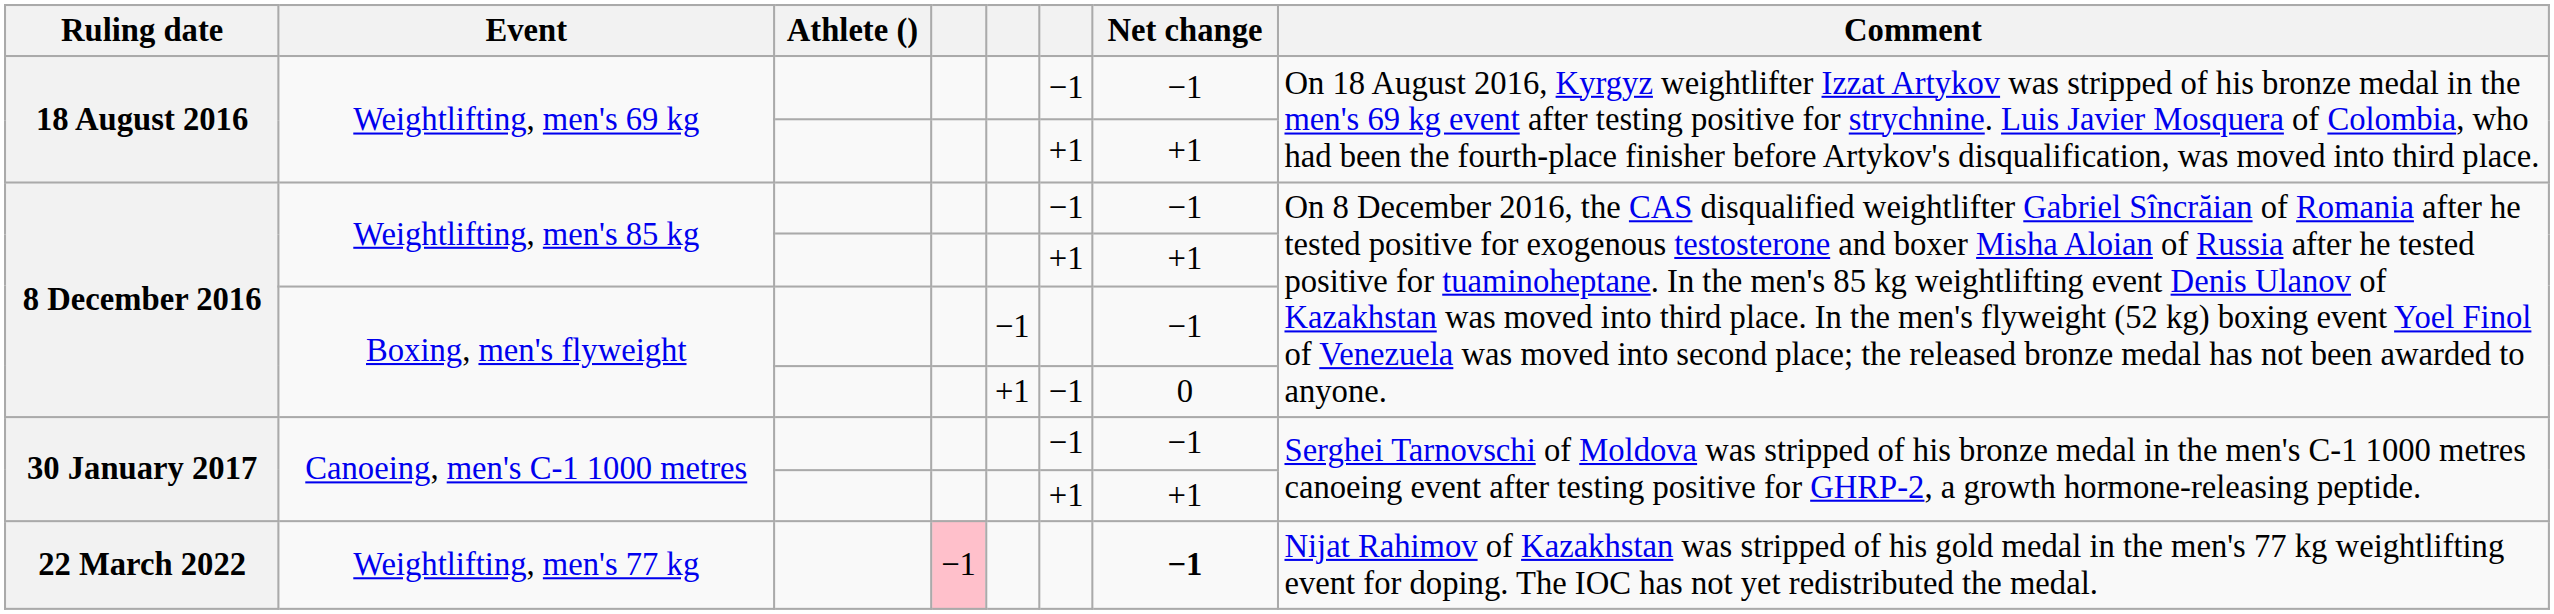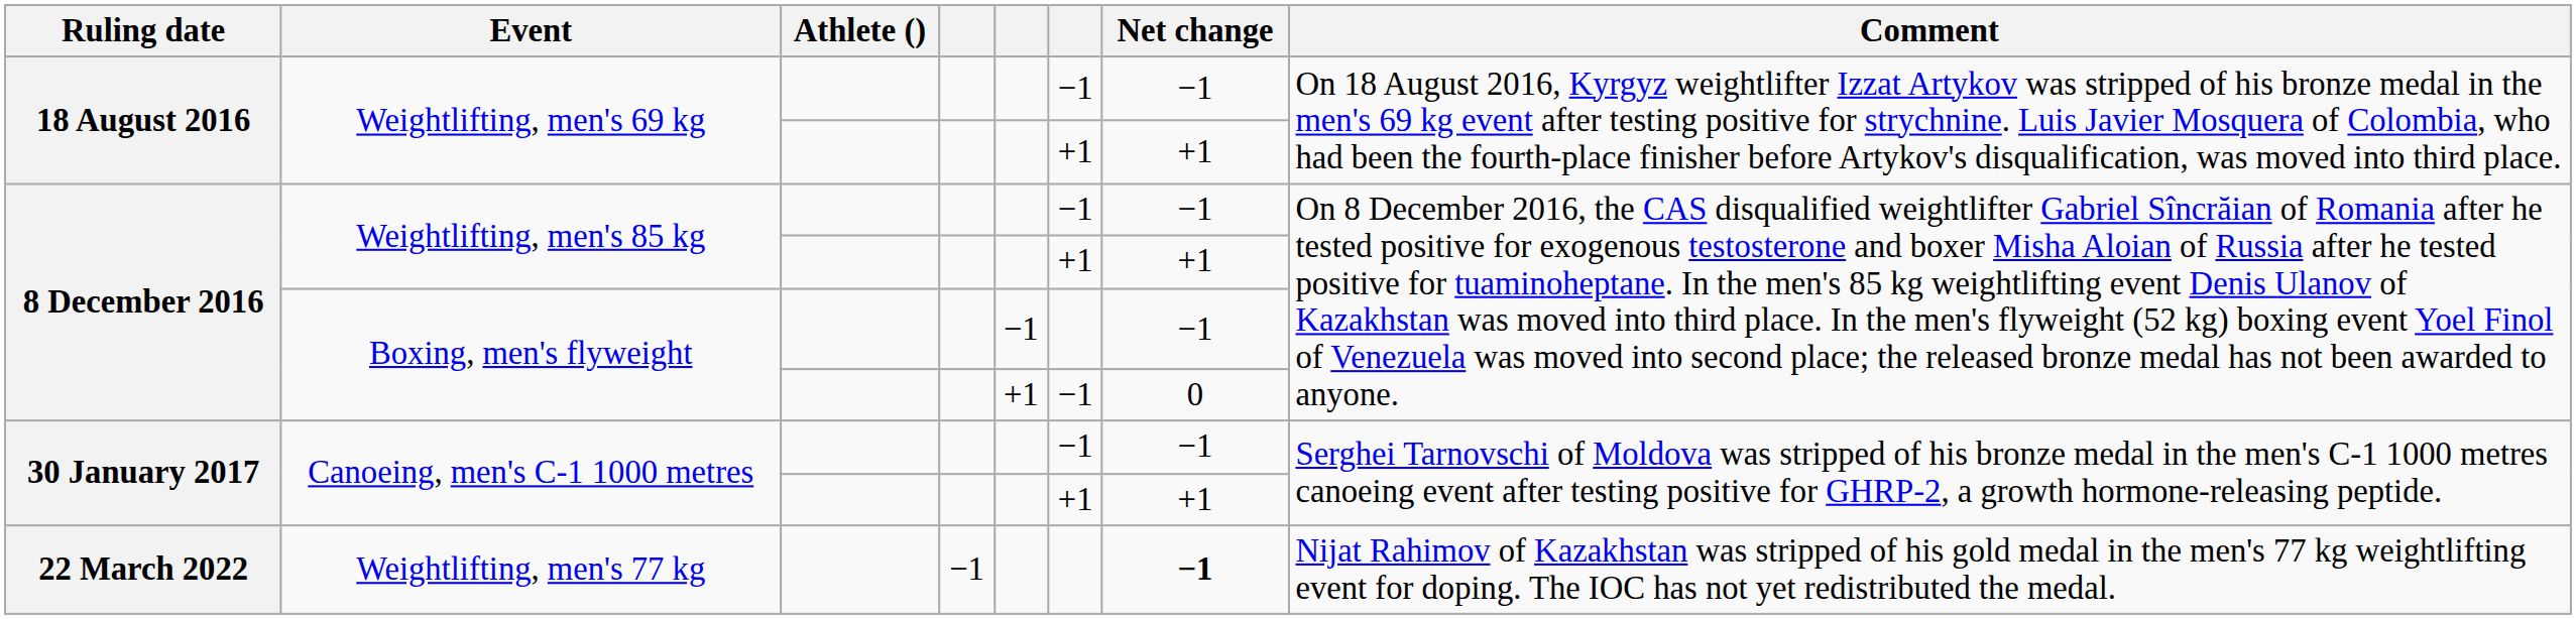 <table class="wikitable" style="text-align:center;">
 <tr>
 <th scope="col">Ruling date</th>
 <th scope="col">Event</th>
 <th scope="col">Athlete ()</th>
 <th scope="col"></th>
 <th scope="col"></th>
 <th scope="col"></th>
 <th scope="col">Net change</th>
 <th scope="col" style="width:50%">Comment</th>
 </tr>
 <tr>
 <th scope="rowgroup" rowspan="2">18 August 2016</th>
 <td rowspan="2"><a href='#'>Weightlifting</a>, <a href='#'>men's 69 kg</a></td>
 <td align=left> </td>
 <td></td>
 <td></td>
 <td>−1</td>
 <td>−1</td>
 <td rowspan=2 style="text-align:left;">On 18 August 2016, <a href='#'>Kyrgyz</a> weightlifter <a href='#'>Izzat Artykov</a> was stripped of his bronze medal in the <a href='#'>men's 69 kg event</a> after testing positive for <a href='#'>strychnine</a>. <a href='#'>Luis Javier Mosquera</a> of <a href='#'>Colombia</a>, who had been the fourth-place finisher before Artykov's disqualification, was moved into third place.</td>
 </tr>
 <tr>
 <td align=left></td>
 <td></td>
 <td></td>
 <td>+1</td>
 <td>+1</td>
 </tr>
 <tr>
 <th scope="rowgroup" rowspan="4">8 December 2016</th>
 <td rowspan="2"><a href='#'>Weightlifting</a>, <a href='#'>men's 85 kg</a></td>
 <td align=left> </td>
 <td></td>
 <td></td>
 <td>−1</td>
 <td>−1</td>
 <td rowspan="4" style="text-align:left;">On 8 December 2016, the <a href='#'>CAS</a> disqualified weightlifter <a href='#'>Gabriel Sîncrăian</a> of <a href='#'>Romania</a> after he tested positive for exogenous <a href='#'>testosterone</a> and boxer <a href='#'>Misha Aloian</a> of <a href='#'>Russia</a> after he tested positive for <a href='#'>tuaminoheptane</a>. In the men's 85 kg weightlifting event <a href='#'>Denis Ulanov</a> of <a href='#'>Kazakhstan</a> was moved into third place. In the men's flyweight (52 kg) boxing event <a href='#'>Yoel Finol</a> of <a href='#'>Venezuela</a> was moved into second place; the released bronze medal has not been awarded to anyone.</td>
 </tr>
 <tr>
 <td align=left></td>
 <td></td>
 <td></td>
 <td>+1</td>
 <td>+1</td>
 </tr>
 <tr>
 <td rowspan="2"><a href='#'>Boxing</a>, <a href='#'>men's flyweight</a></td>
 <td align=left> </td>
 <td></td>
 <td>−1</td>
 <td></td>
 <td>−1</td>
 </tr>
 <tr>
 <td align=left></td>
 <td></td>
 <td>+1</td>
 <td>−1</td>
 <td>0</td>
 </tr>
 <tr>
 <th scope="rowgroup" rowspan="2">30 January 2017</th>
 <td rowspan="2"><a href='#'>Canoeing</a>, <a href='#'>men's C-1 1000 metres</a></td>
 <td align=left> </td>
 <td></td>
 <td></td>
 <td>−1</td>
 <td>−1</td>
 <td rowspan="2" style="text-align:left;"><a href='#'>Serghei Tarnovschi</a> of <a href='#'>Moldova</a> was stripped of his bronze medal in the men's C-1 1000 metres canoeing event after testing positive for <a href='#'>GHRP-2</a>, a growth hormone-releasing peptide.</td>
 </tr>
 <tr>
 <td align=left></td>
 <td></td>
 <td></td>
 <td>+1</td>
 <td>+1</td>
 </tr>
 <tr>
 <th scope="row">22 March 2022</th>
 <td><a href='#'>Weightlifting</a>, <a href='#'>men's 77 kg</a></td>
 <td align=left> </td>
-<td style="background: pink;">−1</td>
+<td>−1</td>
 <td></td>
 <td></td>
 <td><strong>−1</strong></td>
 <td style="text-align:left;"><a href='#'>Nijat Rahimov</a> of <a href='#'>Kazakhstan</a> was stripped of his gold medal in the men's 77 kg weightlifting event for doping. The IOC has not yet redistributed the medal.</td>
 </tr>
 </table>
